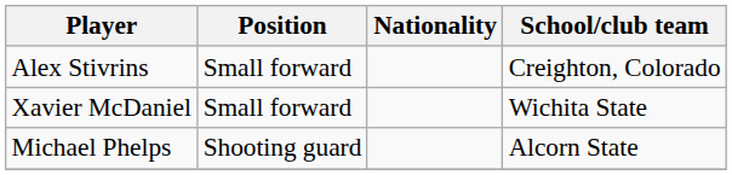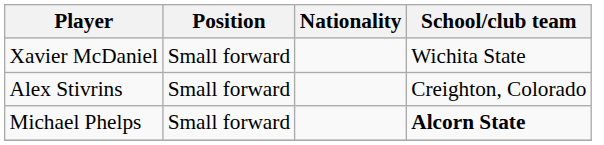 <table class="wikitable sortable sortable">
 <tr>
 <th>Player</th>
 <th>Position</th>
 <th>Nationality</th>
 <th>School/club team</th>
 </tr>
 <tr>
+<td>Xavier McDaniel</td>
+<td>Small forward</td>
+<td></td>
+<td>Wichita State</td>
+</tr>
+<tr>
 <td>Alex Stivrins</td>
 <td>Small forward</td>
 <td></td>
 <td>Creighton, Colorado</td>
 </tr>
 <tr>
-<td>Xavier McDaniel</td>
+<td>Michael Phelps</td>
 <td>Small forward</td>
 <td></td>
-<td>Wichita State</td>
-</tr>
-<tr>
-<td>Michael Phelps</td>
-<td>Shooting guard</td>
-<td></td>
-<td>Alcorn State</td>
+<td><strong>Alcorn State</strong></td>
 </tr>
 <tr>
 </tr>
 </table>
